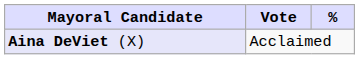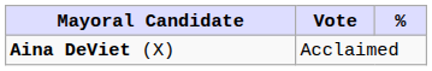 <table class="wikitable">
 <tr>
 <th style="background:#ddf; width:200px;">Mayoral Candidate</th>
 <th style="background:#ddf; width:50px;">Vote</th>
 <th style="background:#ddf; width:30px;">%</th>
 </tr>
 <tr>
-<td style="background: lavender;"><strong>Aina DeViet</strong> (X)</td>
+<td><strong>Aina DeViet</strong> (X)</td>
 <td colspan="2">Acclaimed</td>
 </tr>
 </table>
